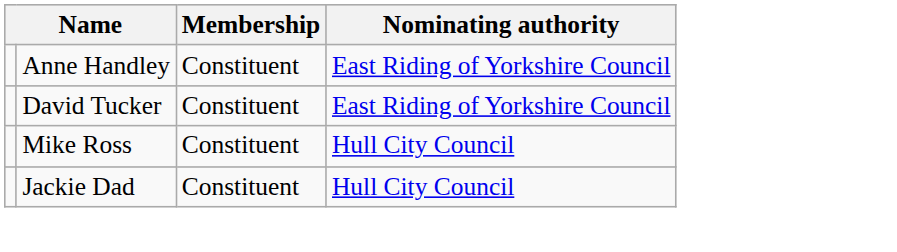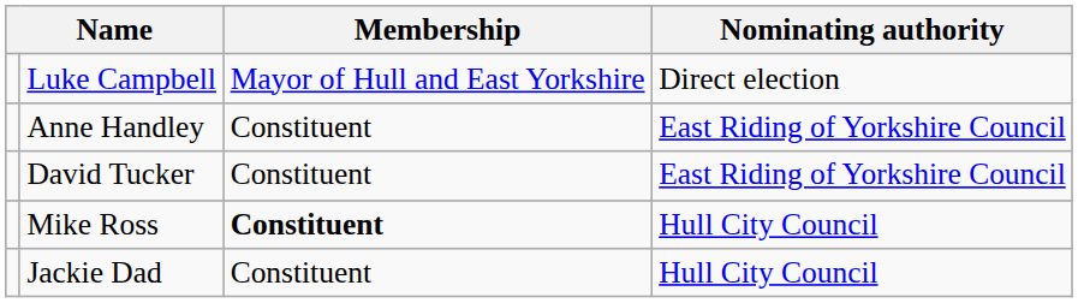 <table class="wikitable sortable">
 <tr>
 <th colspan=2>Name</th>
 <th>Membership</th>
 <th>Nominating authority</th>
+</tr>
+<tr>
+<td style="background:"></td>
+<td><a href='#'>Luke Campbell</a></td>
+<td><a href='#'>Mayor of Hull and East Yorkshire</a></td>
+<td>Direct election</td>
 </tr>
 <tr>
 <td style="background:"></td>
 <td>Anne Handley</td>
 <td>Constituent</td>
 <td><a href='#'>East Riding of Yorkshire Council</a></td>
 </tr>
 <tr>
 <td style="background:"></td>
 <td>David Tucker</td>
 <td>Constituent</td>
 <td><a href='#'>East Riding of Yorkshire Council</a></td>
 </tr>
 <tr>
 <td style="background:"></td>
 <td>Mike Ross</td>
-<td>Constituent</td>
+<td><strong>Constituent</strong></td>
 <td><a href='#'>Hull City Council</a></td>
 </tr>
 <tr>
 <td style="background:"></td>
 <td>Jackie Dad</td>
 <td>Constituent</td>
 <td><a href='#'>Hull City Council</a></td>
 </tr>
 </table>
